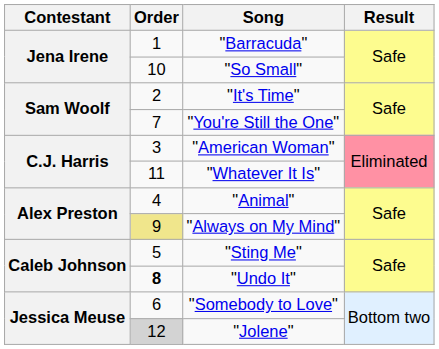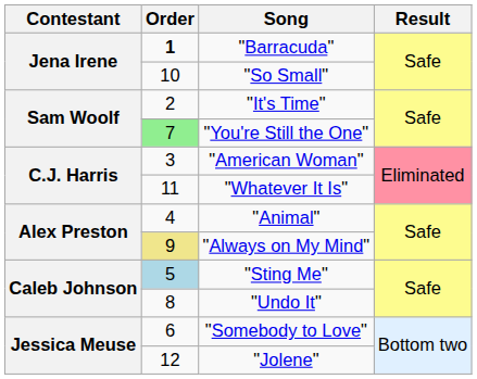 <table class="wikitable unsortable" style="text-align:center;">
 <tr>
 <th scope="col">Contestant</th>
 <th scope="col">Order</th>
 <th scope="col">Song</th>
 <th scope="col">Result</th>
 </tr>
 <tr>
 <th scope="row" rowspan="2">Jena Irene</th>
-<td>1</td>
+<td><strong>1</strong></td>
 <td>"<a href='#'>Barracuda</a>"</td>
 <td rowspan="2" style="background:#fdfc8f;">Safe</td>
 </tr>
 <tr>
 <td>10</td>
 <td>"<a href='#'>So Small</a>"</td>
 </tr>
 <tr>
 <th scope="row" rowspan="2">Sam Woolf</th>
 <td>2</td>
 <td>"<a href='#'>It's Time</a>"</td>
 <td rowspan="2" style="background:#fdfc8f;">Safe</td>
 </tr>
 <tr>
-<td>7</td>
+<td style="background: lightgreen;">7</td>
 <td>"<a href='#'>You're Still the One</a>"</td>
 </tr>
 <tr>
 <th scope="row" rowspan="2">C.J. Harris</th>
 <td>3</td>
 <td>"<a href='#'>American Woman</a>"</td>
 <td rowspan="2" bgcolor="FF91A4">Eliminated</td>
 </tr>
 <tr>
 <td>11</td>
 <td>"<a href='#'>Whatever It Is</a>"</td>
 </tr>
 <tr>
 <th scope="row" rowspan="2">Alex Preston</th>
 <td>4</td>
 <td>"<a href='#'>Animal</a>"</td>
 <td rowspan="2" style="background:#fdfc8f;">Safe</td>
 </tr>
 <tr>
 <td style="background: khaki;">9</td>
 <td>"<a href='#'>Always on My Mind</a>"</td>
 </tr>
 <tr>
 <th scope="row" rowspan="2">Caleb Johnson</th>
-<td>5</td>
+<td style="background: lightblue;">5</td>
 <td>"<a href='#'>Sting Me</a>"</td>
 <td rowspan="2" style="background:#fdfc8f;">Safe</td>
 </tr>
 <tr>
-<td><strong>8</strong></td>
+<td>8</td>
 <td>"<a href='#'>Undo It</a>"</td>
 </tr>
 <tr>
 <th scope="row" rowspan="2">Jessica Meuse</th>
 <td>6</td>
 <td>"<a href='#'>Somebody to Love</a>"</td>
 <td rowspan="2" bgcolor="E0F0FF">Bottom two</td>
 </tr>
 <tr>
-<td style="background: lightgrey;">12</td>
+<td>12</td>
 <td>"<a href='#'>Jolene</a>"</td>
 </tr>
 </table>
